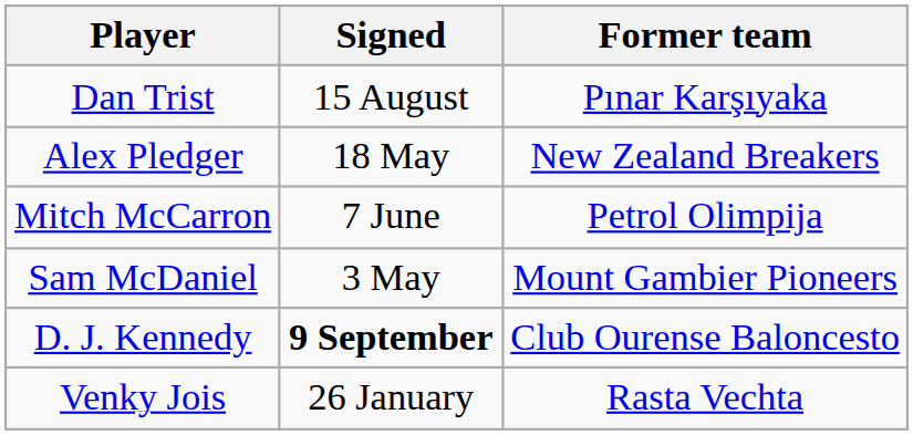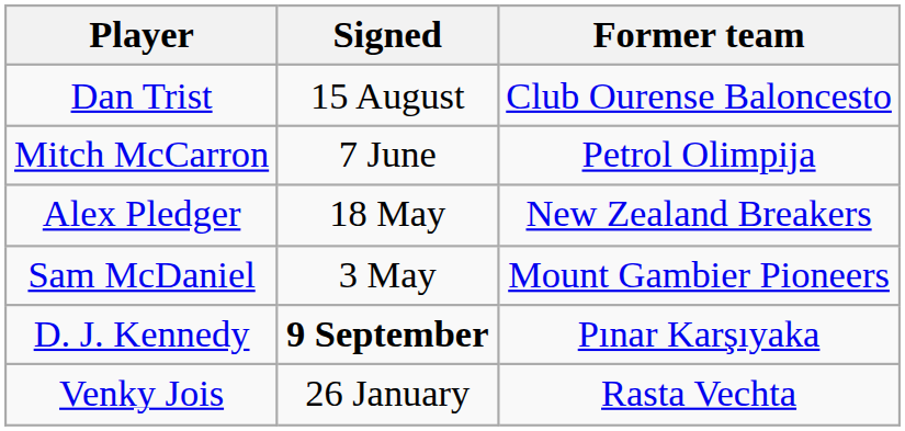 <table class="wikitable sortable sortable" style="text-align: center">
 <tr>
 <th>Player</th>
 <th>Signed</th>
 <th>Former team</th>
 </tr>
 <tr>
 <td><a href='#'>Dan Trist</a></td>
 <td>15 August</td>
-<td><a href='#'>Pınar Karşıyaka</a></td>
+<td><a href='#'>Club Ourense Baloncesto</a></td>
+</tr>
+<tr>
+<td><a href='#'>Mitch McCarron</a></td>
+<td>7 June</td>
+<td><a href='#'>Petrol Olimpija</a></td>
 </tr>
 <tr>
 <td><a href='#'>Alex Pledger</a></td>
 <td>18 May</td>
 <td><a href='#'>New Zealand Breakers</a></td>
-</tr>
-<tr>
-<td><a href='#'>Mitch McCarron</a></td>
-<td>7 June</td>
-<td><a href='#'>Petrol Olimpija</a></td>
 </tr>
 <tr>
 <td><a href='#'>Sam McDaniel</a></td>
 <td>3 May</td>
 <td><a href='#'>Mount Gambier Pioneers</a></td>
 </tr>
 <tr>
 <td><a href='#'>D. J. Kennedy</a></td>
 <td><strong>9 September</strong></td>
-<td><a href='#'>Club Ourense Baloncesto</a></td>
+<td><a href='#'>Pınar Karşıyaka</a></td>
 </tr>
 <tr>
 <td><a href='#'>Venky Jois</a></td>
 <td>26 January</td>
 <td><a href='#'>Rasta Vechta</a></td>
 </tr>
 </table>
